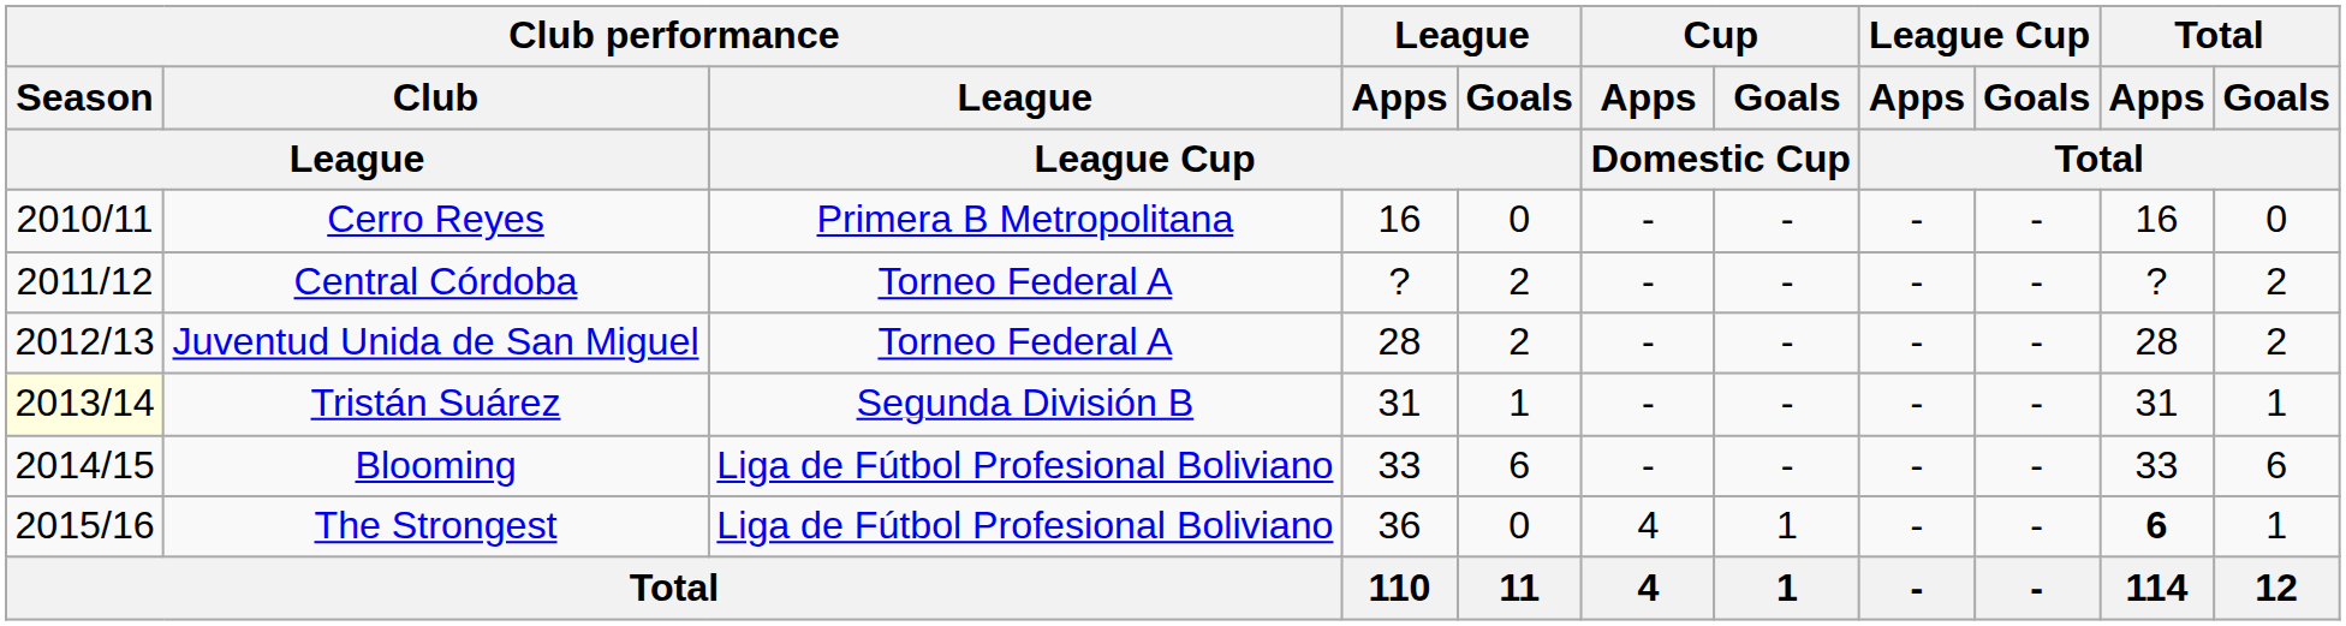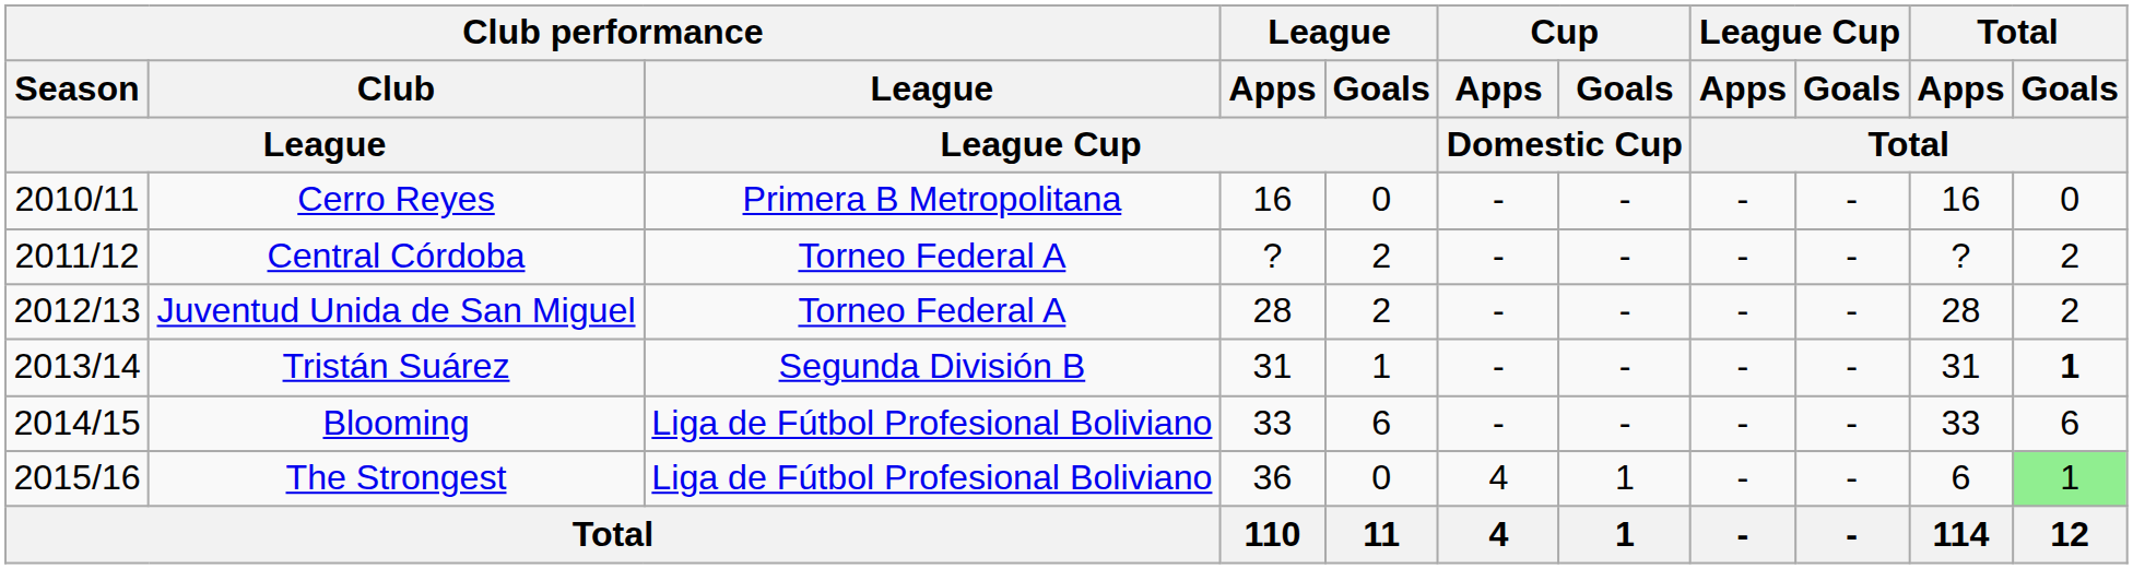 <table class="wikitable" style="text-align:center;">
 <tr>
 <th colspan=3>Club performance</th>
 <th colspan=2>League</th>
 <th colspan=2>Cup</th>
 <th colspan=2>League Cup</th>
 <th colspan=2>Total</th>
 </tr>
 <tr>
 <th>Season</th>
 <th>Club</th>
 <th>League</th>
 <th>Apps</th>
 <th>Goals</th>
 <th>Apps</th>
 <th>Goals</th>
 <th>Apps</th>
 <th>Goals</th>
 <th>Apps</th>
 <th>Goals</th>
 </tr>
 <tr>
 <th colspan=2>League</th>
 <th colspan=3>League Cup</th>
 <th colspan=2>Domestic Cup</th>
 <th colspan=6>Total</th>
 </tr>
 <tr>
 <td>2010/11</td>
 <td><a href='#'>Cerro Reyes</a></td>
 <td><a href='#'>Primera B Metropolitana</a></td>
 <td>16</td>
 <td>0</td>
 <td>-</td>
 <td>-</td>
 <td>-</td>
 <td>-</td>
 <td>16</td>
 <td>0</td>
 </tr>
 <tr>
 <td>2011/12</td>
 <td><a href='#'>Central Córdoba</a></td>
 <td><a href='#'>Torneo Federal A</a></td>
 <td>?</td>
 <td>2</td>
 <td>-</td>
 <td>-</td>
 <td>-</td>
 <td>-</td>
 <td>?</td>
 <td>2</td>
 </tr>
 <tr>
 <td>2012/13</td>
 <td><a href='#'>Juventud Unida de San Miguel</a></td>
 <td><a href='#'>Torneo Federal A</a></td>
 <td>28</td>
 <td>2</td>
 <td>-</td>
 <td>-</td>
 <td>-</td>
 <td>-</td>
 <td>28</td>
 <td>2</td>
 </tr>
 <tr>
-<td style="background: lightyellow;">2013/14</td>
+<td>2013/14</td>
 <td><a href='#'>Tristán Suárez</a></td>
 <td><a href='#'>Segunda División B</a></td>
 <td>31</td>
 <td>1</td>
 <td>-</td>
 <td>-</td>
 <td>-</td>
 <td>-</td>
 <td>31</td>
-<td>1</td>
+<td><strong>1</strong></td>
 </tr>
 <tr>
 <td>2014/15</td>
 <td><a href='#'>Blooming</a></td>
 <td><a href='#'>Liga de Fútbol Profesional Boliviano</a></td>
 <td>33</td>
 <td>6</td>
 <td>-</td>
 <td>-</td>
 <td>-</td>
 <td>-</td>
 <td>33</td>
 <td>6</td>
 </tr>
 <tr>
 <td>2015/16</td>
 <td><a href='#'>The Strongest</a></td>
 <td><a href='#'>Liga de Fútbol Profesional Boliviano</a></td>
 <td>36</td>
 <td>0</td>
 <td>4</td>
 <td>1</td>
 <td>-</td>
 <td>-</td>
-<td><strong>6</strong></td>
-<td>1</td>
+<td>6</td>
+<td style="background: lightgreen;">1</td>
 </tr>
 <tr>
 <th colspan=3>Total</th>
 <th>110</th>
 <th>11</th>
 <th>4</th>
 <th>1</th>
 <th>-</th>
 <th>-</th>
 <th>114</th>
 <th>12</th>
 </tr>
 </table>
